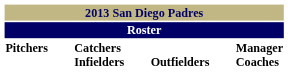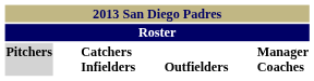 <table class="toccolours" style="font-size: 95%;">
 <tr>
 <th colspan="10" style="background-color: #C1B784; color: #000066; text-align: center;">2013 San Diego Padres</th>
 </tr>
 <tr>
 <td colspan="10" style="background-color: #000066; color: #FFFFFF; text-align: center;"><strong>Roster</strong></td>
 </tr>
 <tr>
-<td valign="top"><strong>Pitchers</strong><br>                      </td>
+<td valign="top" style="background: lightgrey;"><strong>Pitchers</strong><br>                      </td>
 <td width="25px"></td>
 <td valign="top"><strong>Catchers</strong><br>     <strong>Infielders</strong>          </td>
 <td width="25px"></td>
 <td valign="top"><br><strong>Outfielders</strong>         </td>
 <td width="25px"></td>
 <td valign="top"><strong>Manager</strong><br> <strong>Coaches</strong>                  </td>
 </tr>
 </table>
